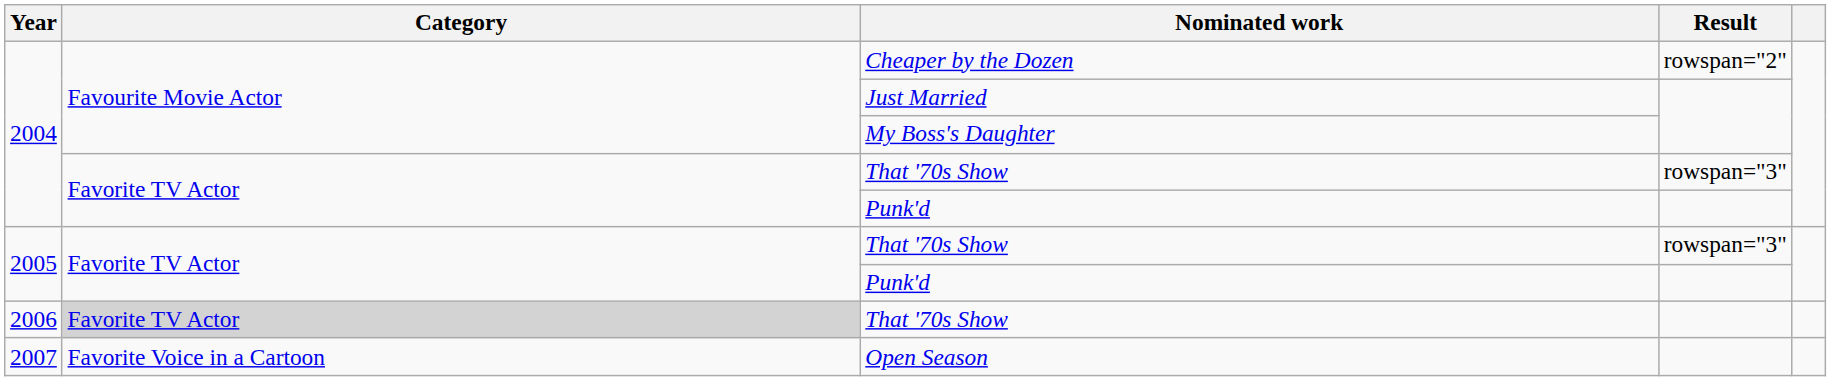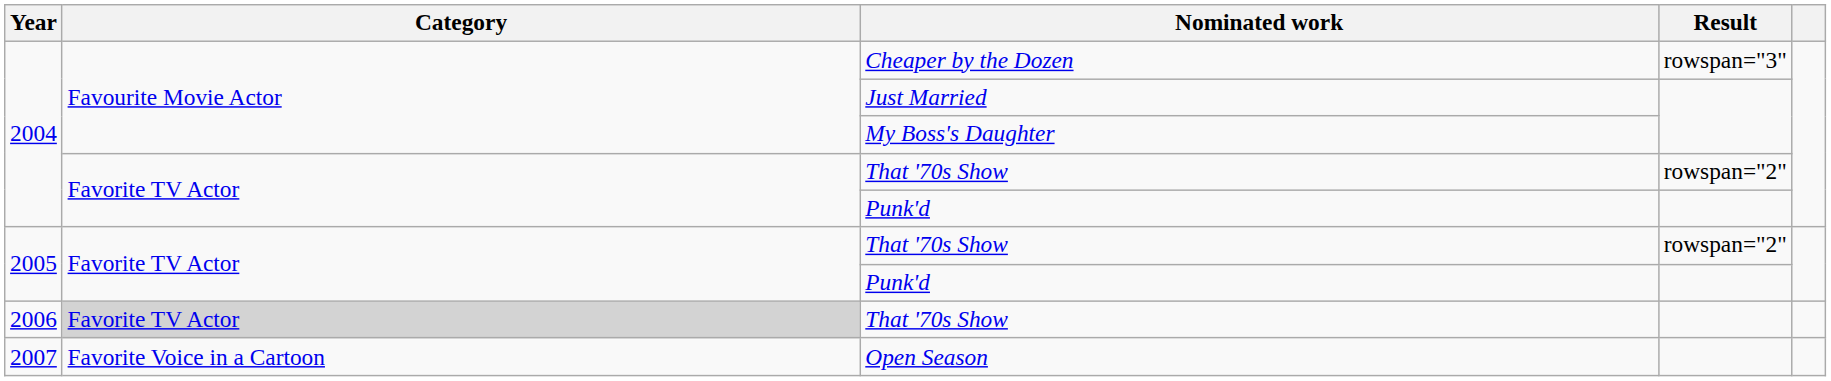 <table class="wikitable">
 <tr>
 <th scope="col" style="width:1em;">Year</th>
 <th scope="col" style="width:35em;">Category</th>
 <th scope="col" style="width:35em;">Nominated work</th>
 <th scope="col" style="width:5em;">Result</th>
 <th scope="col" style="width:1em;"></th>
 </tr>
 <tr>
 <td rowspan="5"><a href='#'>2004</a></td>
 <td rowspan="3"><a href='#'>Favourite Movie Actor</a></td>
 <td><em><a href='#'>Cheaper by the Dozen</a></em></td>
-<td>rowspan="2" </td>
+<td>rowspan="3" </td>
 <td style="text-align:center;" rowspan="5"></td>
 </tr>
 <tr>
 <td><em><a href='#'>Just Married</a></em></td>
 </tr>
 <tr>
 <td><em><a href='#'>My Boss's Daughter</a></em></td>
 </tr>
 <tr>
 <td rowspan="2"><a href='#'>Favorite TV Actor</a></td>
 <td><em><a href='#'>That '70s Show</a></em></td>
-<td>rowspan="3" </td>
+<td>rowspan="2" </td>
 </tr>
 <tr>
 <td><em><a href='#'>Punk'd</a></em></td>
 </tr>
 <tr>
 <td rowspan="2"><a href='#'>2005</a></td>
 <td rowspan="2"><a href='#'>Favorite TV Actor</a></td>
 <td><em><a href='#'>That '70s Show</a></em></td>
-<td>rowspan="3" </td>
+<td>rowspan="2" </td>
 <td style="text-align:center;" rowspan="2"></td>
 </tr>
 <tr>
 <td><em><a href='#'>Punk'd</a></em></td>
 </tr>
 <tr>
 <td><a href='#'>2006</a></td>
 <td style="background: lightgrey;"><a href='#'>Favorite TV Actor</a></td>
 <td><em><a href='#'>That '70s Show</a></em></td>
 <td></td>
 <td style="text-align:center;"></td>
 </tr>
 <tr>
 <td><a href='#'>2007</a></td>
 <td><a href='#'>Favorite Voice in a Cartoon</a></td>
 <td><em><a href='#'>Open Season</a></em></td>
 <td></td>
 <td style="text-align:center;"></td>
 </tr>
 </table>
